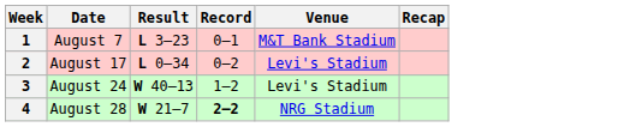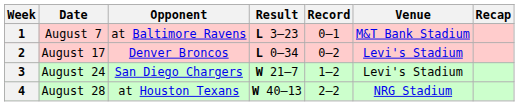 <table class="wikitable" style="text-align:center;">
 <tr>
 <th>Week</th>
 <th>Date</th>
+<th>Opponent</th>
 <th>Result</th>
 <th>Record</th>
 <th>Venue</th>
 <th>Recap</th>
 </tr>
 <tr style="background:#fcc">
 <th>1</th>
 <td>August 7</td>
+<td>at <a href='#'>Baltimore Ravens</a></td>
 <td><strong>L</strong> 3–23</td>
 <td>0–1</td>
 <td><a href='#'>M&T Bank Stadium</a></td>
 <td></td>
 </tr>
 <tr style="background:#fcc">
 <th>2</th>
 <td>August 17</td>
+<td><a href='#'>Denver Broncos</a></td>
 <td><strong>L</strong> 0–34</td>
 <td>0–2</td>
 <td><a href='#'>Levi's Stadium</a></td>
 <td></td>
 </tr>
 <tr style="background:#cfc">
 <th>3</th>
 <td>August 24</td>
-<td><strong>W</strong> 40–13</td>
+<td><a href='#'>San Diego Chargers</a></td>
+<td><strong>W</strong> 21–7</td>
 <td>1–2</td>
 <td>Levi's Stadium</td>
 <td></td>
 </tr>
 <tr style="background:#cfc">
 <th>4</th>
 <td>August 28</td>
-<td><strong>W</strong> 21–7</td>
-<td><strong>2–2</strong></td>
+<td>at <a href='#'>Houston Texans</a></td>
+<td><strong>W</strong> 40–13</td>
+<td>2–2</td>
 <td><a href='#'>NRG Stadium</a></td>
 <td></td>
 </tr>
 </table>
